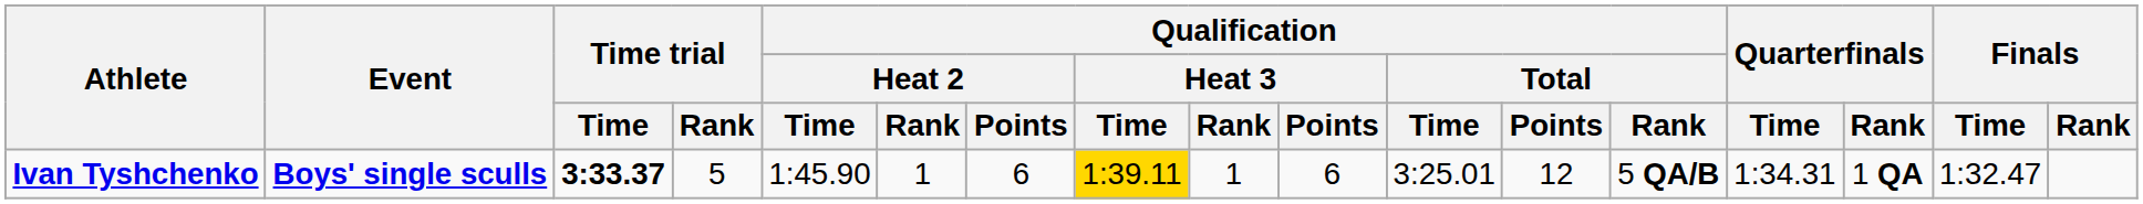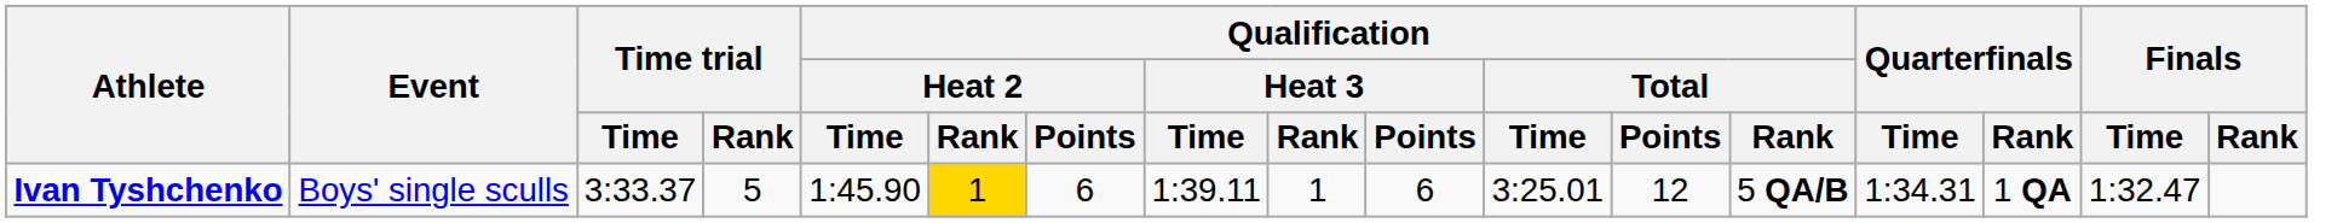 <table class="wikitable" style="text-align:center; font-size:90%">
 <tr>
 <th rowspan=3>Athlete</th>
 <th rowspan=3>Event</th>
 <th rowspan=2 colspan=2>Time trial</th>
 <th colspan=9>Qualification</th>
 <th rowspan=2 colspan=2>Quarterfinals</th>
 <th rowspan=2 colspan=2>Finals</th>
 </tr>
 <tr>
 <th colspan=3>Heat 2</th>
 <th colspan=3>Heat 3</th>
 <th colspan=3>Total</th>
 </tr>
 <tr>
 <th>Time</th>
 <th>Rank</th>
 <th>Time</th>
 <th>Rank</th>
 <th>Points</th>
 <th>Time</th>
 <th>Rank</th>
 <th>Points</th>
 <th>Time</th>
 <th>Points</th>
 <th>Rank</th>
 <th>Time</th>
 <th>Rank</th>
 <th>Time</th>
 <th>Rank</th>
 </tr>
 <tr>
 <td align=left><strong><a href='#'>Ivan Tyshchenko</a></strong></td>
-<td align=left><strong><a href='#'>Boys' single sculls</a></strong></td>
-<td><strong>3:33.37</strong></td>
+<td align=left><a href='#'>Boys' single sculls</a></td>
+<td>3:33.37</td>
 <td>5</td>
 <td>1:45.90</td>
-<td>1</td>
+<td style="background: gold;">1</td>
 <td>6</td>
-<td style="background: gold;">1:39.11</td>
+<td>1:39.11</td>
 <td>1</td>
 <td>6</td>
 <td>3:25.01</td>
 <td>12</td>
 <td>5 <strong>QA/B</strong></td>
 <td>1:34.31</td>
 <td>1 <strong>QA</strong></td>
 <td>1:32.47</td>
 <td></td>
 </tr>
 </table>
